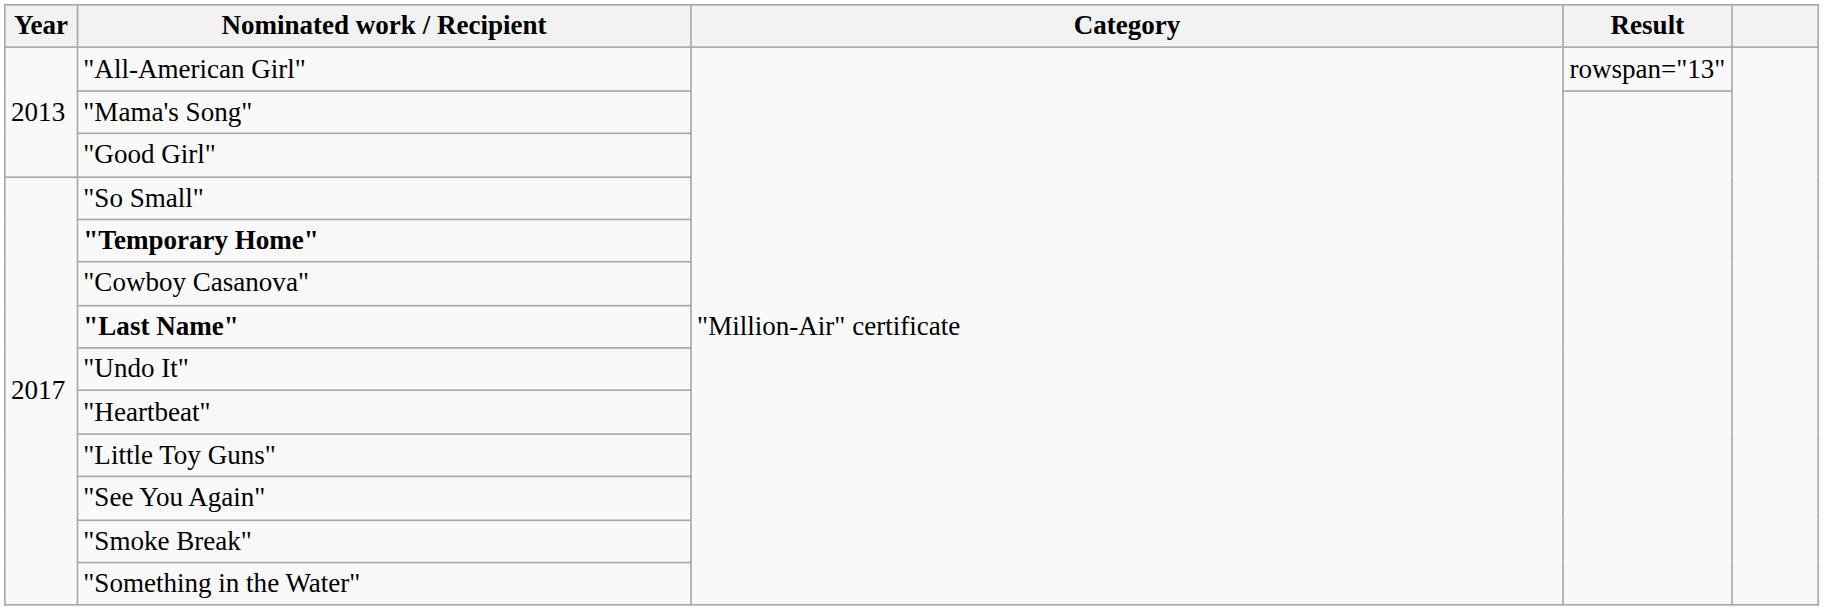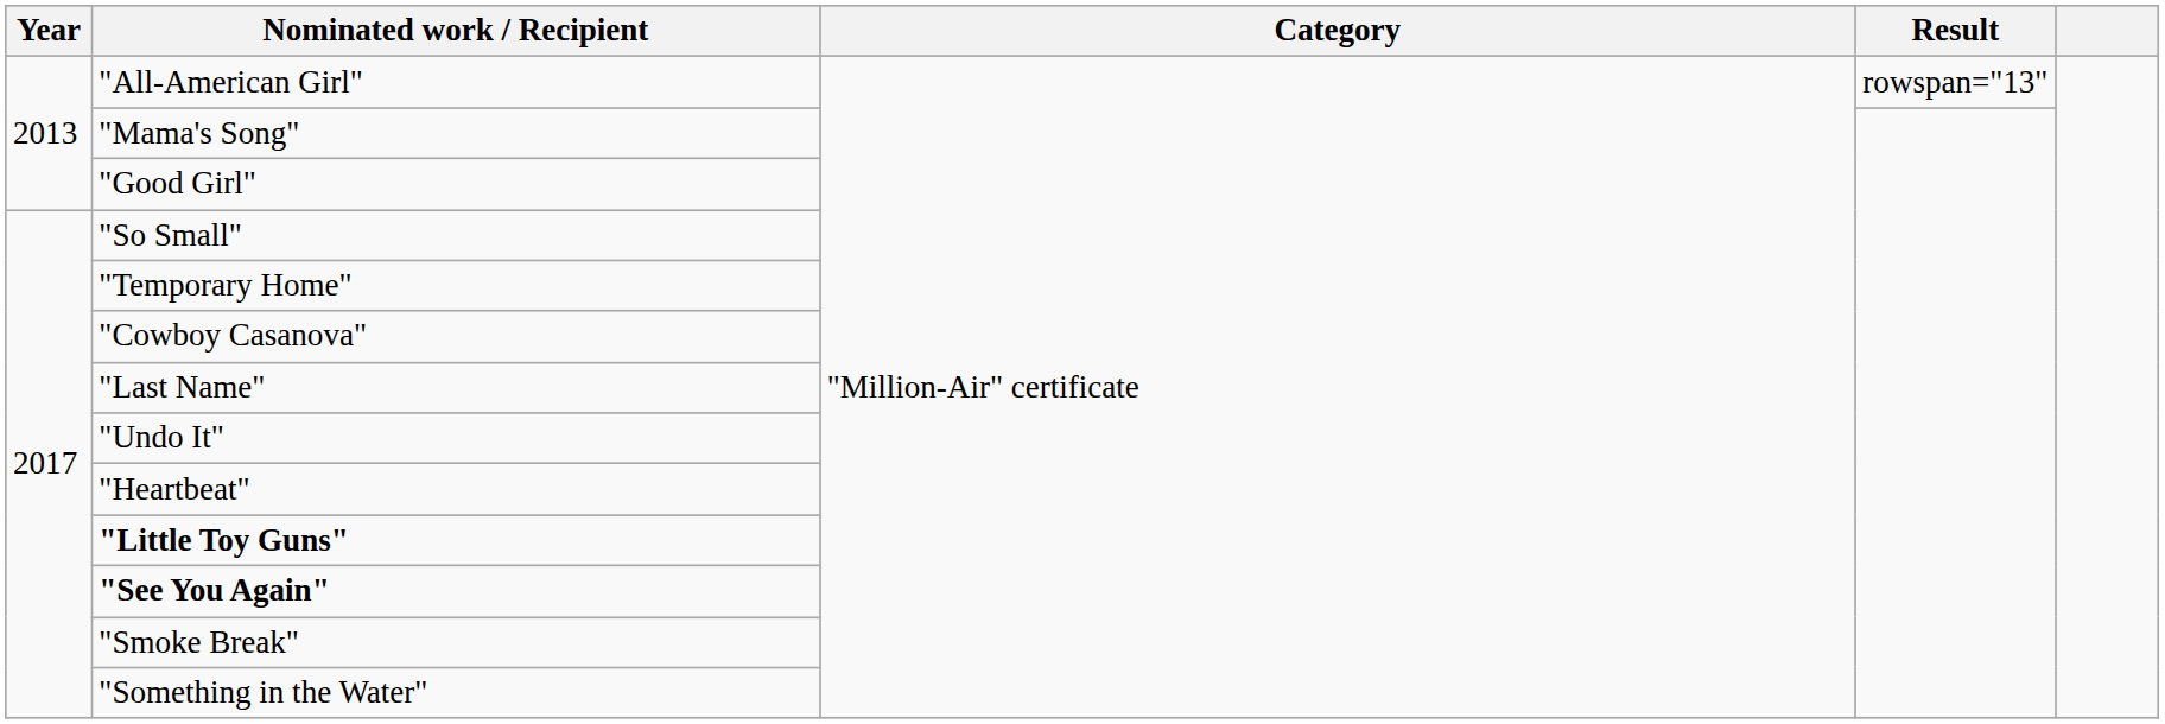 <table class="wikitable plainrowheaders" style="width:85%;">
 <tr>
 <th scope="col" style="width:4%;">Year</th>
 <th scope="col" style="width:35%;">Nominated work / Recipient</th>
 <th scope="col" style="width:50%;">Category</th>
 <th scope="col" style="width:6%;">Result</th>
 <th scope="col" style="width:6%;"></th>
 </tr>
 <tr>
 <td rowspan="3">2013</td>
 <td>"All-American Girl"</td>
 <td rowspan="13">"Million-Air" certificate</td>
 <td>rowspan="13" </td>
 <td rowspan="13"></td>
 </tr>
 <tr>
 <td>"Mama's Song"</td>
 </tr>
 <tr>
 <td>"Good Girl"</td>
 </tr>
 <tr>
 <td rowspan="10">2017</td>
 <td>"So Small"</td>
 </tr>
 <tr>
-<td><strong>"Temporary Home"</strong></td>
+<td>"Temporary Home"</td>
 </tr>
 <tr>
 <td>"Cowboy Casanova"</td>
 </tr>
 <tr>
-<td><strong>"Last Name"</strong></td>
+<td>"Last Name"</td>
 </tr>
 <tr>
 <td>"Undo It"</td>
 </tr>
 <tr>
 <td>"Heartbeat"</td>
 </tr>
 <tr>
-<td>"Little Toy Guns"</td>
+<td><strong>"Little Toy Guns"</strong></td>
 </tr>
 <tr>
-<td>"See You Again"</td>
+<td><strong>"See You Again"</strong></td>
 </tr>
 <tr>
 <td>"Smoke Break"</td>
 </tr>
 <tr>
 <td>"Something in the Water"</td>
 </tr>
 </table>
